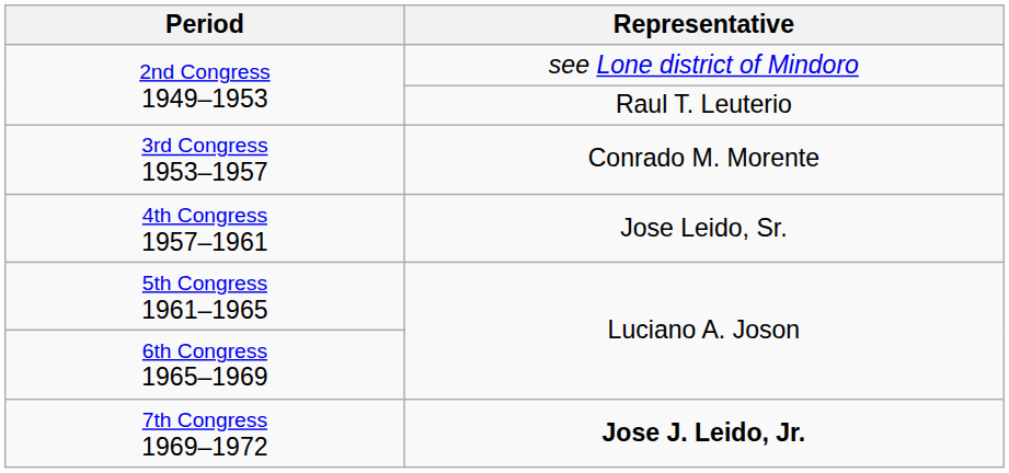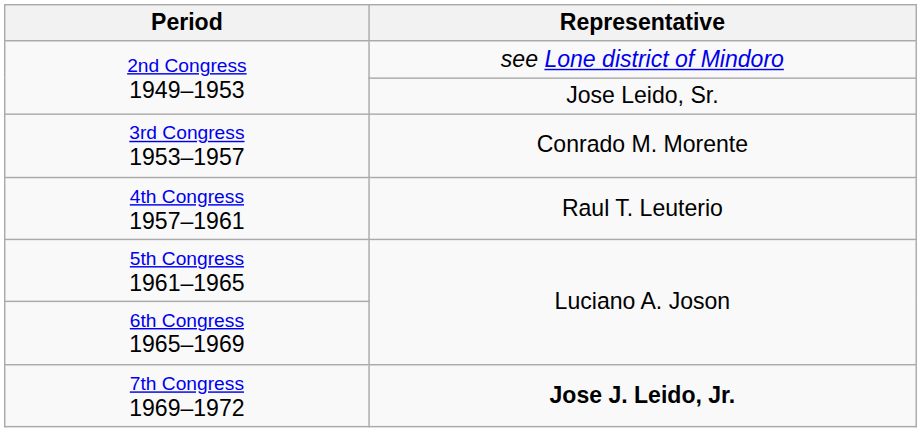 <table class="wikitable" style="text-align:center; width:40%;">
 <tr>
 <th width="40%">Period</th>
 <th>Representative</th>
 </tr>
 <tr>
 <td rowspan="2"><small><a href='#'>2nd Congress</a></small><br>1949–1953</td>
 <td><em>see <a href='#'>Lone district of Mindoro</a></em></td>
 </tr>
 <tr>
-<td>Raul T. Leuterio</td>
+<td>Jose Leido, Sr.</td>
 </tr>
 <tr>
 <td><small><a href='#'>3rd Congress</a></small><br>1953–1957</td>
 <td>Conrado M. Morente</td>
 </tr>
 <tr>
 <td><small><a href='#'>4th Congress</a></small><br>1957–1961</td>
-<td>Jose Leido, Sr.</td>
+<td>Raul T. Leuterio</td>
 </tr>
 <tr>
 <td><small><a href='#'>5th Congress</a></small><br>1961–1965</td>
 <td rowspan="2">Luciano A. Joson</td>
 </tr>
 <tr>
 <td><small><a href='#'>6th Congress</a></small><br>1965–1969</td>
 </tr>
 <tr>
 <td><small><a href='#'>7th Congress</a></small><br>1969–1972</td>
 <td><strong>Jose J. Leido, Jr.</strong></td>
 </tr>
 </table>
